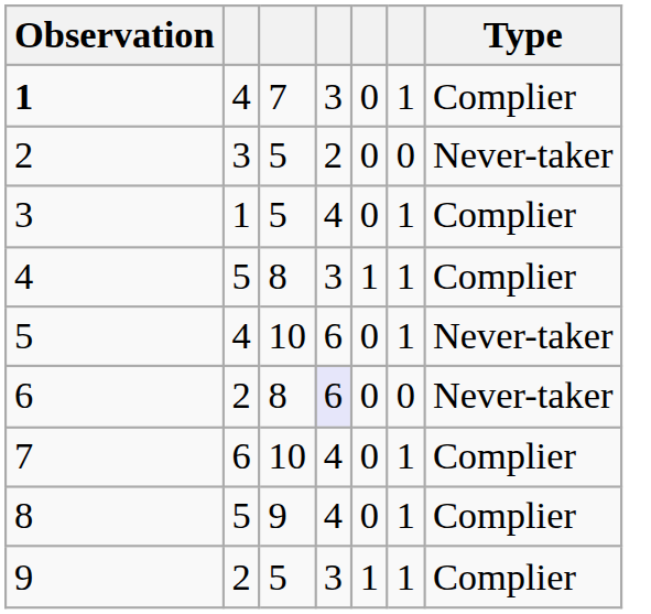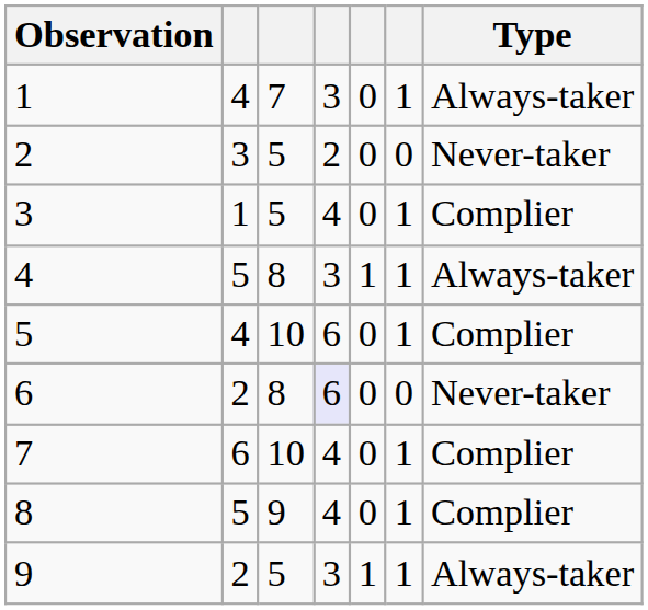 <table class="wikitable">
 <tr>
 <th>Observation</th>
 <th></th>
 <th></th>
 <th></th>
 <th></th>
 <th></th>
 <th>Type</th>
 </tr>
 <tr>
-<td><strong>1</strong></td>
+<td>1</td>
 <td>4</td>
 <td>7</td>
 <td>3</td>
 <td>0</td>
 <td>1</td>
-<td>Complier</td>
+<td>Always-taker</td>
 </tr>
 <tr>
 <td>2</td>
 <td>3</td>
 <td>5</td>
 <td>2</td>
 <td>0</td>
 <td>0</td>
 <td>Never-taker</td>
 </tr>
 <tr>
 <td>3</td>
 <td>1</td>
 <td>5</td>
 <td>4</td>
 <td>0</td>
 <td>1</td>
 <td>Complier</td>
 </tr>
 <tr>
 <td>4</td>
 <td>5</td>
 <td>8</td>
 <td>3</td>
 <td>1</td>
 <td>1</td>
-<td>Complier</td>
+<td>Always-taker</td>
 </tr>
 <tr>
 <td>5</td>
 <td>4</td>
 <td>10</td>
 <td>6</td>
 <td>0</td>
 <td>1</td>
-<td>Never-taker</td>
+<td>Complier</td>
 </tr>
 <tr>
 <td>6</td>
 <td>2</td>
 <td>8</td>
 <td style="background: lavender;">6</td>
 <td>0</td>
 <td>0</td>
 <td>Never-taker</td>
 </tr>
 <tr>
 <td>7</td>
 <td>6</td>
 <td>10</td>
 <td>4</td>
 <td>0</td>
 <td>1</td>
 <td>Complier</td>
 </tr>
 <tr>
 <td>8</td>
 <td>5</td>
 <td>9</td>
 <td>4</td>
 <td>0</td>
 <td>1</td>
 <td>Complier</td>
 </tr>
 <tr>
 <td>9</td>
 <td>2</td>
 <td>5</td>
 <td>3</td>
 <td>1</td>
 <td>1</td>
-<td>Complier</td>
+<td>Always-taker</td>
 </tr>
 </table>
